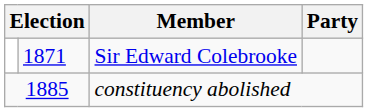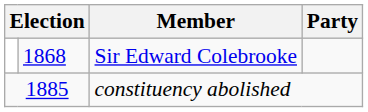 <table class="wikitable">
 <tr>
 <th colspan="2">Election</th>
 <th>Member</th>
 <th>Party</th>
 </tr>
 <tr>
 <td style="color:inherit;background-color: white"></td>
-<td><a href='#'>1871</a></td>
+<td><a href='#'>1868</a></td>
 <td><a href='#'>Sir Edward Colebrooke</a></td>
 <td></td>
 </tr>
 <tr>
 <td colspan="2" align="center"><a href='#'>1885</a></td>
 <td colspan="2"><em>constituency abolished</em></td>
 </tr>
 </table>
